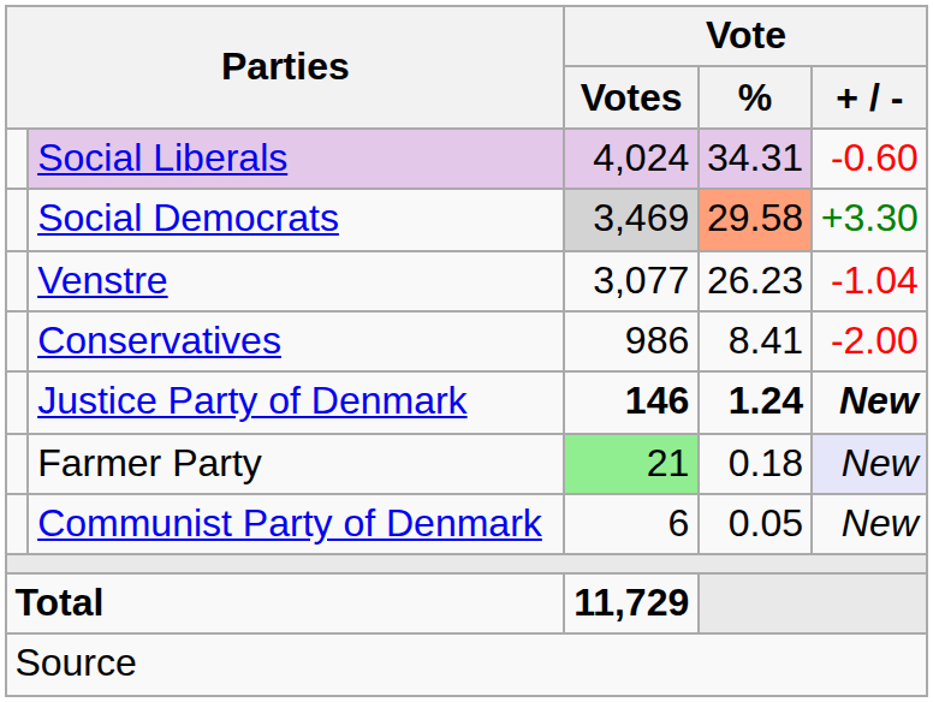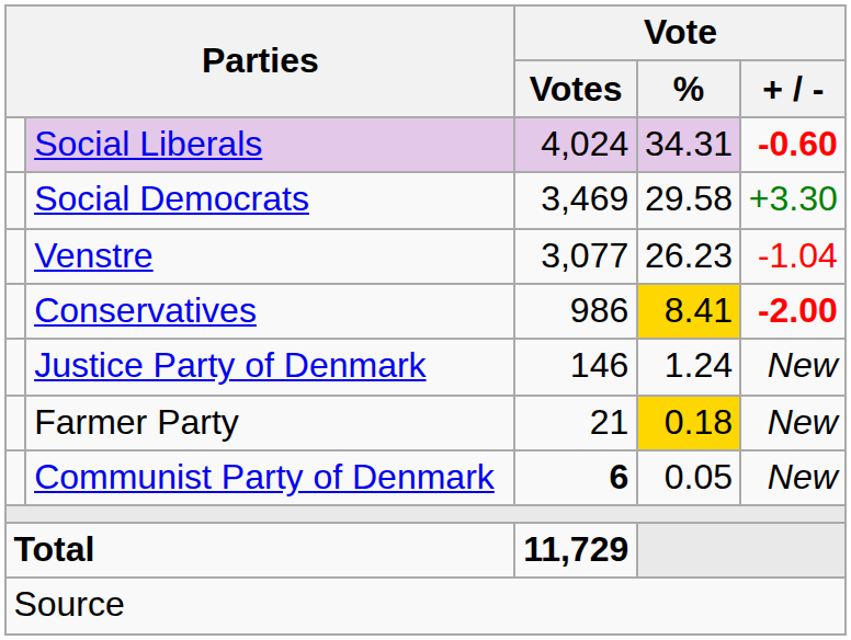 <table class="wikitable" style="text-align:right;">
 <tr>
 <th style="text-align:centre;" rowspan="2" colspan="2" width="225">Parties</th>
 <th colspan="3">Vote</th>
 </tr>
 <tr>
 <th width="15">Votes</th>
 <th width="15">%</th>
 <th width="15">+ / -</th>
 </tr>
 <tr>
 <td width="2" style="color:inherit;background:"></td>
 <td bgcolor=#e3c8e9  align="left"><a href='#'>Social Liberals</a></td>
 <td bgcolor=#e3c8e9>4,024</td>
 <td bgcolor=#e3c8e9>34.31</td>
-<td style=color:red;>-0.60</td>
+<td style=color:red;><strong>-0.60</strong></td>
 </tr>
 <tr>
 <td width="2" style="color:inherit;background:"></td>
 <td align="left"><a href='#'>Social Democrats</a></td>
-<td style="background: lightgrey;">3,469</td>
-<td style="background: lightsalmon;">29.58</td>
+<td>3,469</td>
+<td>29.58</td>
 <td style=color:green;>+3.30</td>
 </tr>
 <tr>
 <td width="2" style="color:inherit;background:"></td>
 <td align="left"><a href='#'>Venstre</a></td>
 <td>3,077</td>
 <td>26.23</td>
 <td style=color:red;>-1.04</td>
 </tr>
 <tr>
 <td width="2" style="color:inherit;background:"></td>
 <td align="left"><a href='#'>Conservatives</a></td>
 <td>986</td>
-<td>8.41</td>
-<td style=color:red;>-2.00</td>
+<td style="background: gold;">8.41</td>
+<td style=color:red;><strong>-2.00</strong></td>
 </tr>
 <tr>
 <td width="2" style="color:inherit;background:"></td>
 <td align="left"><a href='#'>Justice Party of Denmark</a></td>
-<td><strong>146</strong></td>
-<td><strong>1.24</strong></td>
-<td><strong><em>New</em></strong></td>
+<td>146</td>
+<td>1.24</td>
+<td><em>New</em></td>
 </tr>
 <tr>
 <td width="2" style="color:inherit;background:"></td>
 <td align="left">Farmer Party</td>
-<td style="background: lightgreen;">21</td>
-<td>0.18</td>
-<td style="background: lavender;"><em>New</em></td>
+<td>21</td>
+<td style="background: gold;">0.18</td>
+<td><em>New</em></td>
 </tr>
 <tr>
 <td width="2" style="color:inherit;background:"></td>
 <td align="left"><a href='#'>Communist Party of Denmark</a></td>
-<td>6</td>
+<td><strong>6</strong></td>
 <td>0.05</td>
 <td><em>New</em></td>
 </tr>
 <tr>
 <td colspan="7" bgcolor="#E9E9E9"></td>
 </tr>
 <tr>
 <td align="left" colspan="2"><strong>Total</strong></td>
 <td><strong>11,729</strong></td>
 <td bgcolor="#E9E9E9" colspan="2"></td>
 </tr>
 <tr>
 <td align="left" colspan="6">Source</td>
 </tr>
 </table>
